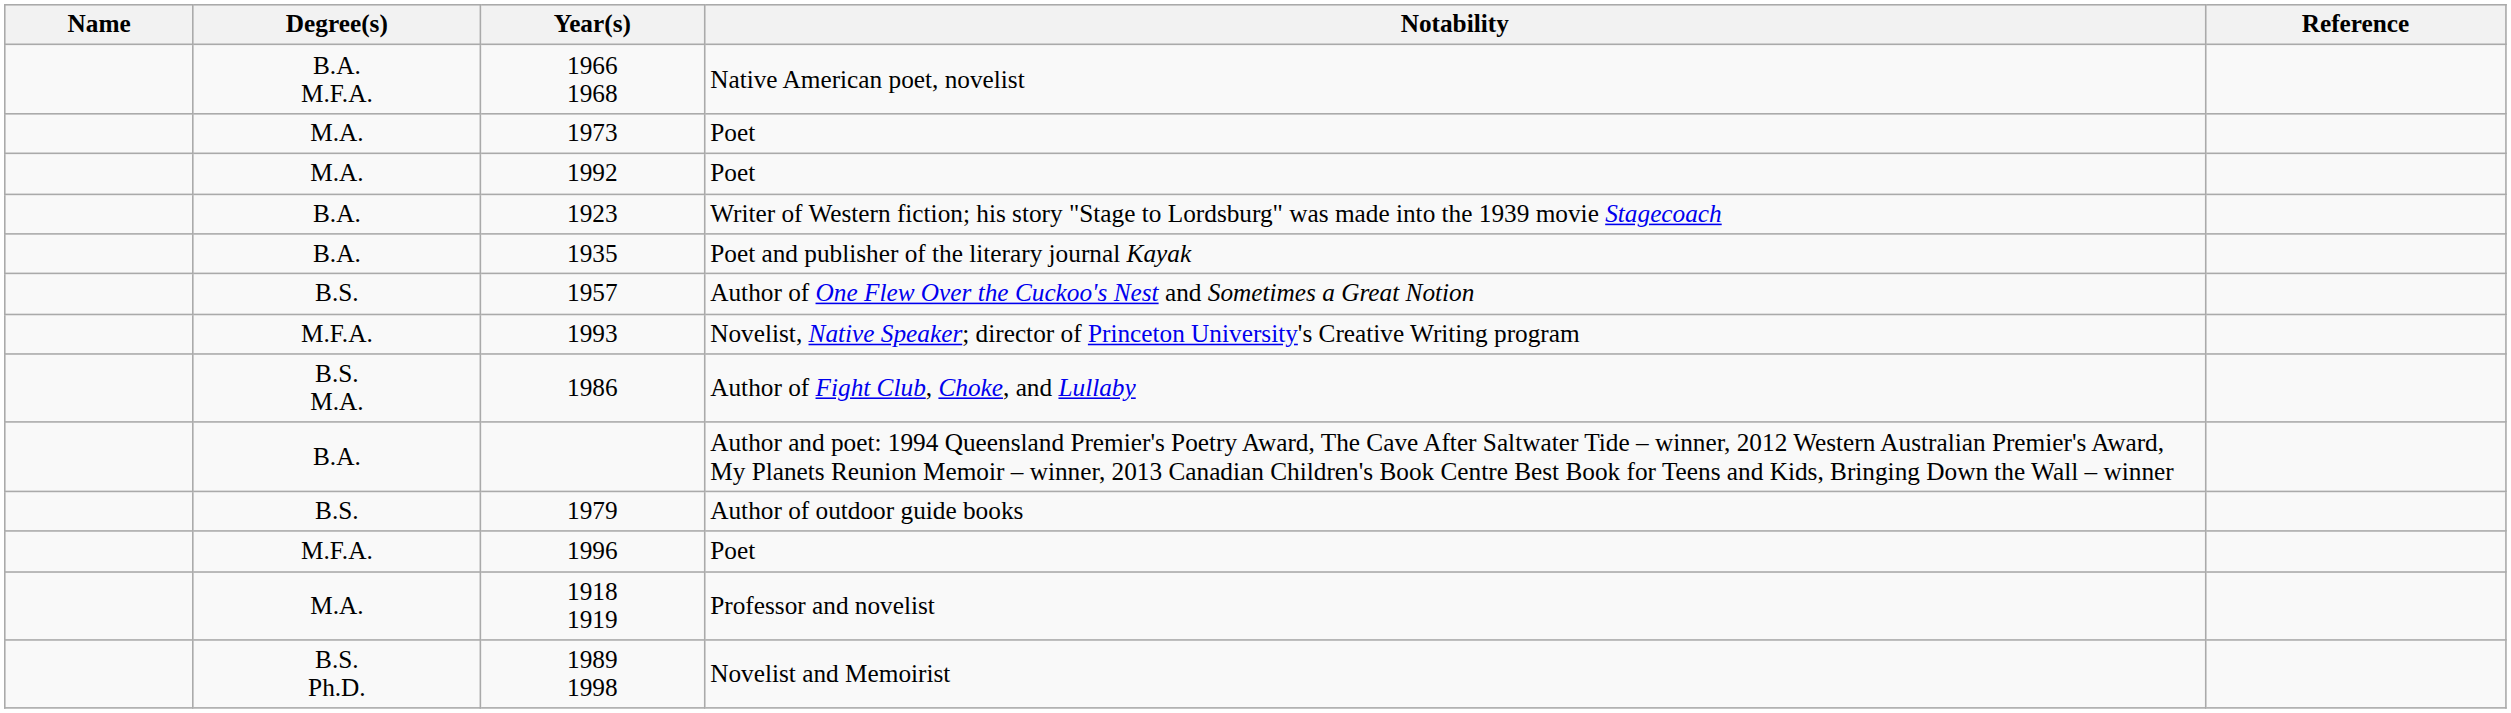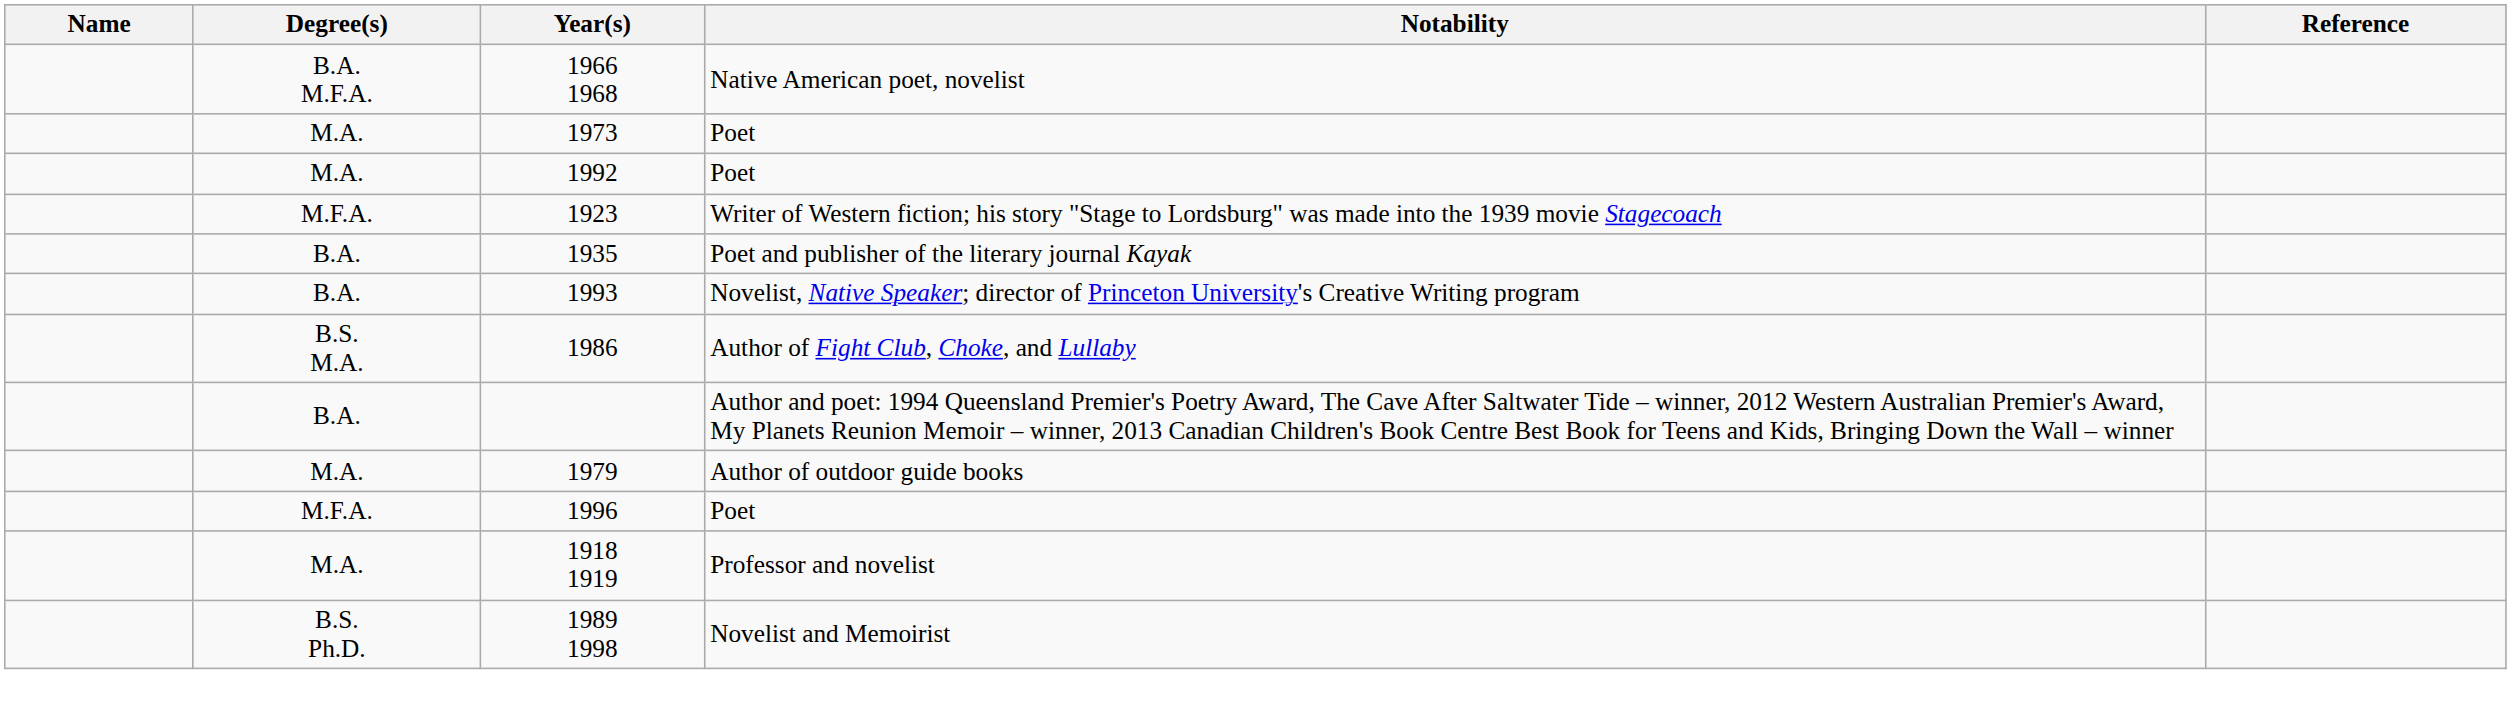 <table class="wikitable sortable" style="width:100%">
 <tr>
 <th width="* ">Name</th>
 <th>Degree(s)</th>
 <th>Year(s)</th>
 <th width="60%" class="unsortable">Notability</th>
 <th width="* " class="unsortable">Reference</th>
 </tr>
 <tr>
 <td></td>
 <td align="center">B.A.<br>M.F.A.</td>
 <td align="center">1966<br>1968</td>
 <td>Native American poet, novelist</td>
 <td align="center"></td>
 </tr>
 <tr>
 <td></td>
 <td align="center">M.A.</td>
 <td align="center">1973</td>
 <td>Poet</td>
 <td align="center"></td>
 </tr>
 <tr>
 <td></td>
 <td align="center">M.A.</td>
 <td align="center">1992</td>
 <td>Poet</td>
 <td align="center"></td>
 </tr>
 <tr>
 <td></td>
-<td align="center">B.A.</td>
+<td align="center">M.F.A.</td>
 <td align="center">1923</td>
 <td>Writer of Western fiction; his story "Stage to Lordsburg" was made into the 1939 movie <em><a href='#'>Stagecoach</a></em></td>
 <td align="center"></td>
 </tr>
 <tr>
 <td></td>
 <td align="center">B.A.</td>
 <td align="center">1935</td>
 <td>Poet and publisher of the literary journal <em>Kayak</em></td>
 <td align="center"></td>
 </tr>
 <tr>
 <td></td>
-<td align="center">B.S.</td>
-<td align="center">1957</td>
-<td>Author of <em><a href='#'>One Flew Over the Cuckoo's Nest</a></em> and <em>Sometimes a Great Notion</em></td>
-<td align="center"></td>
-</tr>
-<tr>
-<td></td>
-<td align="center">M.F.A.</td>
+<td align="center">B.A.</td>
 <td align="center">1993</td>
 <td>Novelist, <em><a href='#'>Native Speaker</a></em>; director of <a href='#'>Princeton University</a>'s Creative Writing program</td>
 <td align="center"></td>
 </tr>
 <tr>
 <td></td>
 <td align="center">B.S.<br>M.A.</td>
 <td align="center">1986</td>
 <td>Author of <em><a href='#'>Fight Club</a></em>, <em><a href='#'>Choke</a></em>, and <em><a href='#'>Lullaby</a></em></td>
 <td align="center"></td>
 </tr>
 <tr>
 <td></td>
 <td align="center">B.A.</td>
 <td></td>
 <td>Author and poet: 1994 Queensland Premier's Poetry Award, The Cave After Saltwater Tide – winner, 2012 Western Australian Premier's Award, My Planets Reunion Memoir – winner, 2013 Canadian Children's Book Centre Best Book for Teens and Kids, Bringing Down the Wall – winner</td>
 <td align="center"></td>
 </tr>
 <tr>
 <td></td>
-<td align="center">B.S.</td>
+<td align="center">M.A.</td>
 <td align="center">1979</td>
 <td>Author of outdoor guide books</td>
 <td align="center"></td>
 </tr>
 <tr>
 <td></td>
 <td align="center">M.F.A.</td>
 <td align="center">1996</td>
 <td>Poet</td>
 <td align="center"></td>
 </tr>
 <tr>
 <td></td>
 <td align="center">M.A.</td>
 <td align="center">1918<br>1919</td>
 <td>Professor and novelist</td>
 <td align="center"></td>
 </tr>
 <tr>
 <td></td>
 <td align="center">B.S. <br>Ph.D.</td>
 <td align="center">1989<br>1998</td>
 <td>Novelist and Memoirist</td>
 <td align="center"></td>
 </tr>
 </table>
